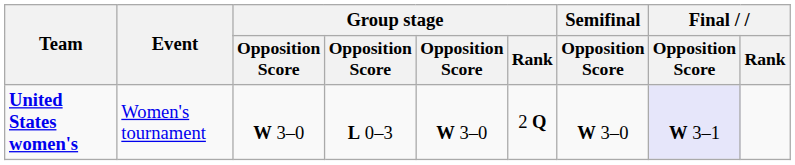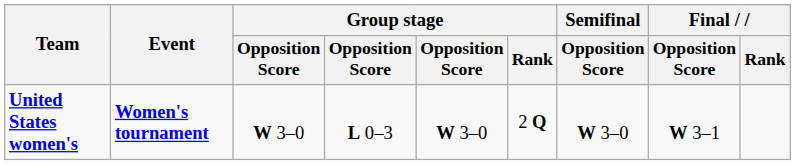 <table class="wikitable" style="text-align:center; font-size:90%">
 <tr>
 <th rowspan=2>Team</th>
 <th rowspan=2>Event</th>
 <th colspan=4>Group stage</th>
 <th>Semifinal</th>
 <th colspan=2>Final /  / </th>
 </tr>
 <tr style="font-size:95%">
 <th>Opposition<br>Score</th>
 <th>Opposition<br>Score</th>
 <th>Opposition<br>Score</th>
 <th>Rank</th>
 <th>Opposition<br>Score</th>
 <th>Opposition<br>Score</th>
 <th>Rank</th>
 </tr>
 <tr>
 <td align=left><strong><a href='#'>United States women's</a></strong></td>
-<td align=left><a href='#'>Women's tournament</a></td>
+<td align=left><strong><a href='#'>Women's tournament</a></strong></td>
 <td><br><strong>W</strong> 3–0</td>
 <td><br><strong>L</strong> 0–3</td>
 <td><br><strong>W</strong> 3–0</td>
 <td>2 <strong>Q</strong></td>
 <td><br><strong>W</strong> 3–0</td>
-<td style="background: lavender;"><br><strong>W</strong> 3–1</td>
+<td><br><strong>W</strong> 3–1</td>
 <td></td>
 </tr>
 </table>
